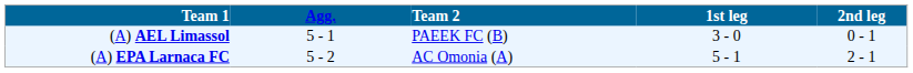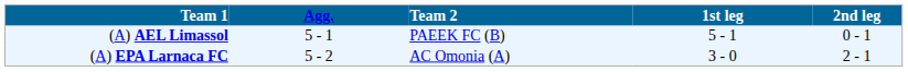 <table cellspacing="0" style="background: #EBF5FF; border: 1px #aaa solid; border-collapse: collapse; font-size: 95%;" width=70%>
 <tr bgcolor=#006699 style="color:white;">
 <th width=25% align="right">Team 1</th>
 <th width=20% align="center"><a href='#'>Agg.</a></th>
 <th width=25% align="left">Team 2</th>
 <th width=20% align="center">1st leg</th>
 <th width=20% align="center">2nd leg</th>
 </tr>
 <tr>
 <td align=right>(<a href='#'>A</a>) <strong><a href='#'>AEL Limassol</a></strong></td>
 <td align=center>5 - 1</td>
 <td align=left><a href='#'>PAEEK FC</a> (<a href='#'>B</a>)</td>
-<td align=center>3 - 0</td>
+<td align=center>5 - 1</td>
 <td align=center>0 - 1</td>
 </tr>
 <tr>
 <td align=right>(<a href='#'>A</a>) <strong><a href='#'>EPA Larnaca FC</a></strong></td>
 <td align=center>5 - 2</td>
 <td align=left><a href='#'>AC Omonia</a> (<a href='#'>A</a>)</td>
-<td align=center>5 - 1</td>
+<td align=center>3 - 0</td>
 <td align=center>2 - 1</td>
 </tr>
 <tr>
 </tr>
 </table>
